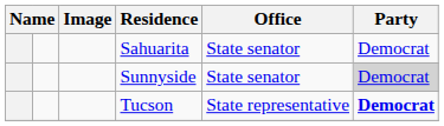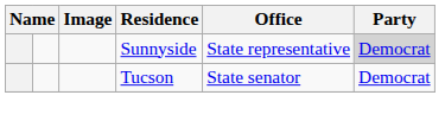 <table class="sortable wikitable">
 <tr valign=bottom>
 <th colspan="2">Name</th>
 <th>Image</th>
 <th>Residence</th>
 <th>Office</th>
 <th>Party</th>
 </tr>
 <tr>
 <th style="background-color:  "></th>
 <td></td>
 <td></td>
-<td><a href='#'>Sahuarita</a></td>
-<td><a href='#'>State senator</a></td>
-<td><a href='#'>Democrat</a></td>
-</tr>
-<tr>
-<th style="background-color:  "></th>
-<td></td>
-<td></td>
 <td><a href='#'>Sunnyside</a></td>
-<td><a href='#'>State senator</a></td>
+<td><a href='#'>State representative</a></td>
 <td style="background: lightgrey;"><a href='#'>Democrat</a></td>
 </tr>
 <tr>
 <th style="background-color:  "></th>
 <td></td>
 <td></td>
 <td><a href='#'>Tucson</a></td>
-<td><a href='#'>State representative</a></td>
-<td><strong><a href='#'>Democrat</a></strong></td>
+<td><a href='#'>State senator</a></td>
+<td><a href='#'>Democrat</a></td>
 </tr>
 <tr>
 </tr>
 </table>
